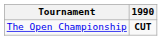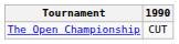 <table class="wikitable" style="font-size:95%;text-align:center;">
 <tr>
 <th>Tournament</th>
 <th>1990</th>
 </tr>
 <tr>
 <td align=left><a href='#'>The Open Championship</a></td>
-<td><strong>CUT</strong></td>
+<td>CUT</td>
 </tr>
 </table>
